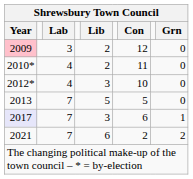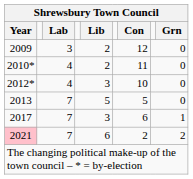 <table class="wikitable floatleft">
 <tr>
 <th colspan="9">Shrewsbury Town Council</th>
 </tr>
 <tr>
 <th style="vertical-align:top; width:40px;">Year</th>
 <td style="background-color: "></td>
 <th style="vertical-align:top; width:40px;">Lab</th>
 <td style="background-color: "></td>
 <th style="vertical-align:top; width:40px;">Lib</th>
 <td style="background-color: "></td>
 <th style="vertical-align:top; width:40px;">Con</th>
 <td style="background:"></td>
 <th style="vertical-align:top; width:40px;">Grn</th>
 </tr>
 <tr>
-<td style="background: pink; text-align:center;">2009</td>
+<td style="text-align:center;">2009</td>
 <td colspan="2" style="text-align:right;">3</td>
 <td colspan="2" style="text-align:right;">2</td>
 <td colspan="2" style="text-align:right;">12</td>
 <td colspan="2" style="text-align:right;">0</td>
 </tr>
 <tr>
 <td style="text-align:center;">2010*</td>
 <td colspan="2" style="text-align:right;">4</td>
 <td colspan="2" style="text-align:right;">2</td>
 <td colspan="2" style="text-align:right;">11</td>
 <td colspan="2" style="text-align:right;">0</td>
 </tr>
 <tr>
 <td style="text-align:center;">2012*</td>
 <td colspan="2" style="text-align:right;">4</td>
 <td colspan="2" style="text-align:right;">3</td>
 <td colspan="2" style="text-align:right;">10</td>
 <td colspan="2" style="text-align:right;">0</td>
 </tr>
 <tr>
 <td style="text-align:center;">2013</td>
 <td colspan="2" style="text-align:right;">7</td>
 <td colspan="2" style="text-align:right;">5</td>
 <td colspan="2" style="text-align:right;">5</td>
 <td colspan="2" style="text-align:right;">0</td>
 </tr>
 <tr>
-<td style="background: lavender; text-align:center;">2017</td>
+<td style="text-align:center;">2017</td>
 <td colspan="2" style="text-align:right;">7</td>
 <td colspan="2" style="text-align:right;">3</td>
 <td colspan="2" style="text-align:right;">6</td>
 <td colspan="2" style="text-align:right;">1</td>
 </tr>
 <tr>
-<td style="text-align:center;">2021</td>
+<td style="background: pink; text-align:center;">2021</td>
 <td colspan="2" style="text-align:right;">7</td>
 <td colspan="2" style="text-align:right;">6</td>
 <td colspan="2" style="text-align:right;">2</td>
 <td colspan="2" style="text-align:right;">2</td>
 </tr>
 <tr>
 <td colspan="9" style="width: 200px;">The changing political make-up of the town council – * = by-election</td>
 </tr>
 </table>
